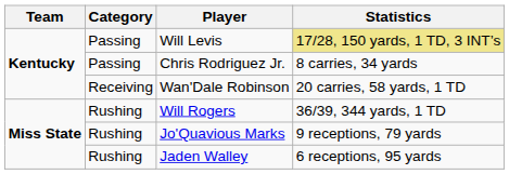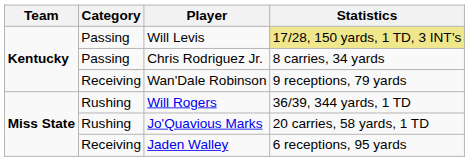 <table class="wikitable" style="float: right;">
 <tr>
 <th>Team</th>
 <th>Category</th>
 <th>Player</th>
 <th>Statistics</th>
 </tr>
 <tr>
 <td rowspan=3><strong>Kentucky</strong></td>
 <td>Passing</td>
 <td>Will Levis</td>
 <td style="background: khaki;">17/28, 150 yards, 1 TD, 3 INT’s</td>
 </tr>
 <tr>
 <td>Passing</td>
 <td>Chris Rodriguez Jr.</td>
 <td>8 carries, 34 yards</td>
 </tr>
 <tr>
 <td>Receiving</td>
 <td>Wan'Dale Robinson</td>
-<td>20 carries, 58 yards, 1 TD</td>
+<td>9 receptions, 79 yards</td>
 </tr>
 <tr>
 <td rowspan=3><strong>Miss State</strong></td>
 <td>Rushing</td>
 <td><a href='#'>Will Rogers</a></td>
 <td>36/39, 344 yards, 1 TD</td>
 </tr>
 <tr>
 <td>Rushing</td>
 <td><a href='#'>Jo'Quavious Marks</a></td>
-<td>9 receptions, 79 yards</td>
+<td>20 carries, 58 yards, 1 TD</td>
 </tr>
 <tr>
-<td>Rushing</td>
+<td>Receiving</td>
 <td><a href='#'>Jaden Walley</a></td>
 <td>6 receptions, 95 yards</td>
 </tr>
 </table>
